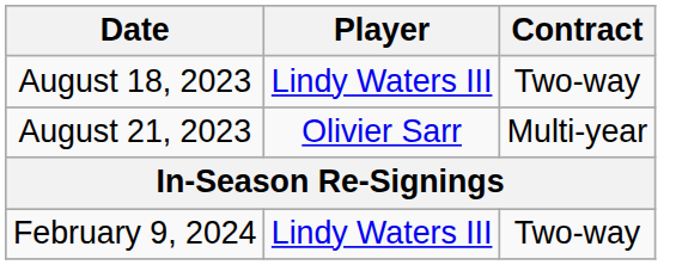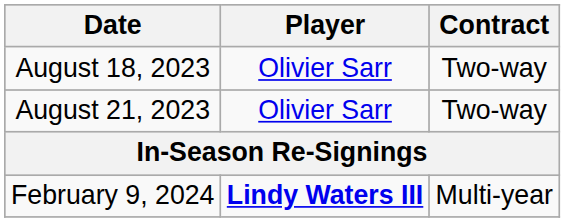 <table class="wikitable" style="text-align: center">
 <tr>
 <th>Date</th>
 <th>Player</th>
 <th>Contract</th>
 </tr>
 <tr style="text-align: center">
 <td>August 18, 2023</td>
-<td><a href='#'>Lindy Waters III</a></td>
+<td><a href='#'>Olivier Sarr</a></td>
 <td>Two-way</td>
 </tr>
 <tr style="text-align: center">
 <td>August 21, 2023</td>
 <td><a href='#'>Olivier Sarr</a></td>
-<td>Multi-year</td>
+<td>Two-way</td>
 </tr>
 <tr>
 <th scope="row" colspan="6" style="text-align:center;”">In-Season Re-Signings</th>
 </tr>
 <tr style="text-align: center">
 <td>February 9, 2024</td>
-<td><a href='#'>Lindy Waters III</a></td>
-<td>Two-way</td>
+<td><strong><a href='#'>Lindy Waters III</a></strong></td>
+<td>Multi-year</td>
 </tr>
 </table>
